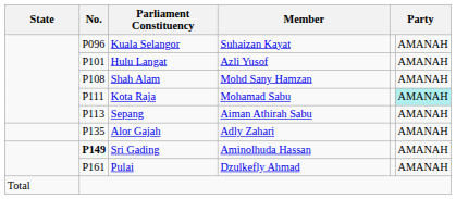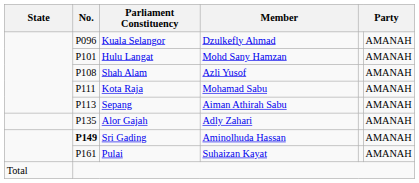 <table class ="wikitable sortable">
 <tr>
 <th style="width:100px;">State</th>
 <th style="width:30px;">No.</th>
 <th style="width:150px;">Parliament Constituency</th>
 <th style="width:240px;">Member</th>
 <th style="width:80px;" colspan=2>Party</th>
 </tr>
 <tr>
 <td rowspan=5></td>
 <td>P096</td>
 <td><a href='#'>Kuala Selangor</a></td>
-<td><a href='#'>Suhaizan Kayat</a></td>
+<td><a href='#'>Dzulkefly Ahmad</a></td>
 <td></td>
 <td>AMANAH</td>
 </tr>
 <tr>
 <td>P101</td>
 <td><a href='#'>Hulu Langat</a></td>
-<td><a href='#'>Azli Yusof</a></td>
+<td><a href='#'>Mohd Sany Hamzan</a></td>
 <td></td>
 <td>AMANAH</td>
 </tr>
 <tr>
 <td>P108</td>
 <td><a href='#'>Shah Alam</a></td>
-<td><a href='#'>Mohd Sany Hamzan</a></td>
+<td><a href='#'>Azli Yusof</a></td>
 <td></td>
 <td>AMANAH</td>
 </tr>
 <tr>
 <td>P111</td>
 <td><a href='#'>Kota Raja</a></td>
 <td><a href='#'>Mohamad Sabu</a></td>
 <td></td>
-<td style="background: paleturquoise;">AMANAH</td>
+<td>AMANAH</td>
 </tr>
 <tr>
 <td>P113</td>
 <td><a href='#'>Sepang</a></td>
 <td><a href='#'>Aiman Athirah Sabu</a></td>
 <td></td>
 <td>AMANAH</td>
 </tr>
 <tr>
 <td rowspan=1></td>
 <td>P135</td>
 <td><a href='#'>Alor Gajah</a></td>
 <td><a href='#'>Adly Zahari</a></td>
 <td></td>
 <td>AMANAH</td>
 </tr>
 <tr>
 <td rowspan=2></td>
 <td><strong>P149</strong></td>
 <td><a href='#'>Sri Gading</a></td>
 <td><a href='#'>Aminolhuda Hassan</a></td>
 <td></td>
 <td>AMANAH</td>
 </tr>
 <tr>
 <td>P161</td>
 <td><a href='#'>Pulai</a></td>
-<td><a href='#'>Dzulkefly Ahmad</a></td>
+<td><a href='#'>Suhaizan Kayat</a></td>
 <td></td>
 <td>AMANAH</td>
 </tr>
 <tr>
 <td>Total</td>
 <td style="width:30px;" colspan=6></td>
 </tr>
 </table>
